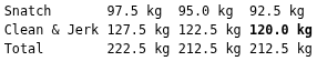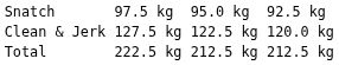 <table>
 <tr>
 <td>Snatch</td>
 <td></td>
 <td>97.5 kg</td>
 <td></td>
 <td>95.0 kg</td>
 <td></td>
 <td>92.5 kg</td>
 </tr>
 <tr>
 <td>Clean & Jerk</td>
 <td></td>
 <td>127.5 kg</td>
 <td></td>
 <td>122.5 kg</td>
 <td></td>
-<td><strong>120.0 kg</strong></td>
+<td>120.0 kg</td>
 </tr>
 <tr>
 <td>Total</td>
 <td></td>
 <td>222.5 kg</td>
 <td></td>
 <td>212.5 kg</td>
 <td></td>
 <td>212.5 kg</td>
 </tr>
 </table>
